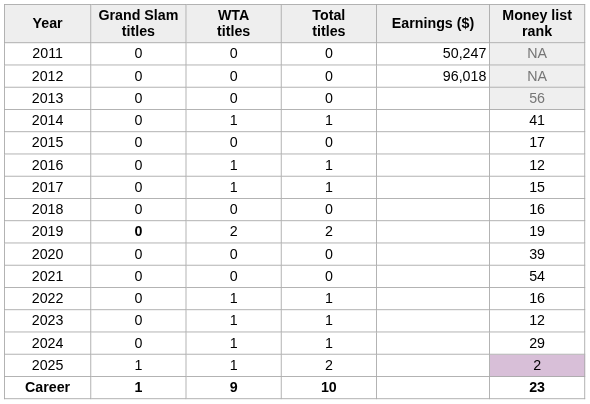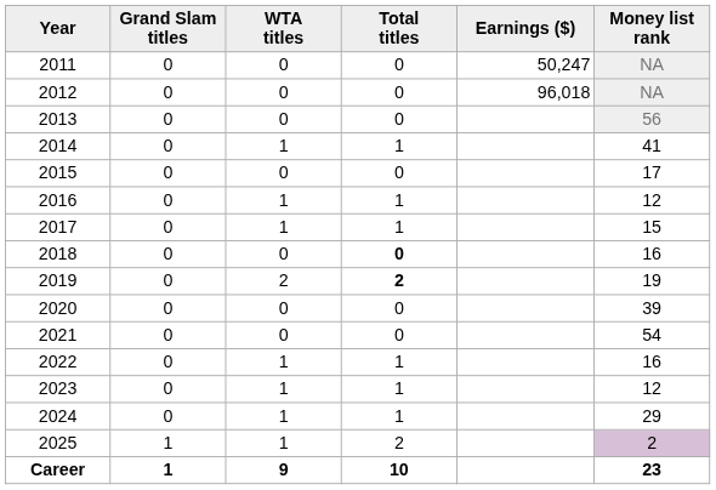 <table cellpadding=3 cellspacing=0 border=1 style=border:#aaa;solid:1px;border-collapse:collapse;text-align:center;>
 <tr style=background:#eee;font-weight:bold>
 <td width="90">Year</td>
 <td width="100">Grand Slam <br>titles</td>
 <td width="100">WTA <br>titles</td>
 <td width="100">Total <br>titles</td>
 <td width="120">Earnings ($)</td>
 <td width="100">Money list rank</td>
 </tr>
 <tr>
 <td>2011</td>
 <td>0</td>
 <td>0</td>
 <td>0</td>
 <td align="right">50,247</td>
 <td style="color:#767676" bgcolor="efefef">NA</td>
 </tr>
 <tr>
 <td>2012</td>
 <td>0</td>
 <td>0</td>
 <td>0</td>
 <td align="right">96,018</td>
 <td style="color:#767676" bgcolor="efefef">NA</td>
 </tr>
 <tr>
 <td>2013</td>
 <td>0</td>
 <td>0</td>
 <td>0</td>
 <td align="right"></td>
 <td style="color:#767676" bgcolor="efefef">56</td>
 </tr>
 <tr>
 <td>2014</td>
 <td>0</td>
 <td>1</td>
 <td>1</td>
 <td align=right></td>
 <td>41</td>
 </tr>
 <tr>
 <td>2015</td>
 <td>0</td>
 <td>0</td>
 <td>0</td>
 <td align=right></td>
 <td>17</td>
 </tr>
 <tr>
 <td>2016</td>
 <td>0</td>
 <td>1</td>
 <td>1</td>
 <td align=right></td>
 <td>12</td>
 </tr>
 <tr>
 <td>2017</td>
 <td>0</td>
 <td>1</td>
 <td>1</td>
 <td align=right></td>
 <td>15</td>
 </tr>
 <tr>
 <td>2018</td>
 <td>0</td>
 <td>0</td>
-<td>0</td>
+<td><strong>0</strong></td>
 <td align=right></td>
 <td>16</td>
 </tr>
 <tr>
 <td>2019</td>
-<td><strong>0</strong></td>
+<td>0</td>
 <td>2</td>
-<td>2</td>
+<td><strong>2</strong></td>
 <td align=right></td>
 <td>19</td>
 </tr>
 <tr>
 <td>2020</td>
 <td>0</td>
 <td>0</td>
 <td>0</td>
 <td align=right></td>
 <td>39</td>
 </tr>
 <tr>
 <td>2021</td>
 <td>0</td>
 <td>0</td>
 <td>0</td>
 <td align=right></td>
 <td>54</td>
 </tr>
 <tr>
 <td>2022</td>
 <td>0</td>
 <td>1</td>
 <td>1</td>
 <td align=right></td>
 <td>16</td>
 </tr>
 <tr>
 <td>2023</td>
 <td>0</td>
 <td>1</td>
 <td>1</td>
 <td align=right></td>
 <td>12</td>
 </tr>
 <tr>
 <td>2024</td>
 <td>0</td>
 <td>1</td>
 <td>1</td>
 <td align=right></td>
 <td>29</td>
 </tr>
 <tr>
 <td>2025</td>
 <td>1</td>
 <td>1</td>
 <td>2</td>
 <td align=right></td>
 <td bgcolor=thistle>2</td>
 </tr>
 <tr style=font-weight:bold>
 <td>Career</td>
 <td>1</td>
 <td>9</td>
 <td>10</td>
 <td align=right></td>
 <td>23</td>
 </tr>
 </table>
